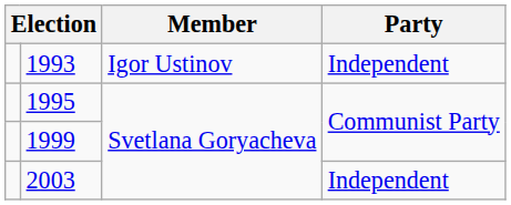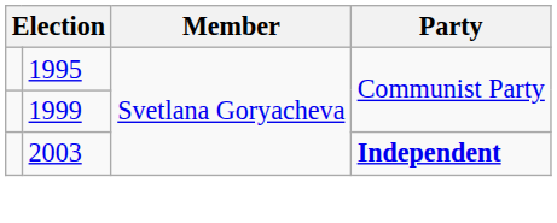 <table class="wikitable">
 <tr>
 <th colspan="2">Election</th>
 <th>Member</th>
 <th>Party</th>
-</tr>
-<tr>
-<td style="background-color:"></td>
-<td><a href='#'>1993</a></td>
-<td><a href='#'>Igor Ustinov</a></td>
-<td><a href='#'>Independent</a></td>
 </tr>
 <tr>
 <td style="background-color:"></td>
 <td><a href='#'>1995</a></td>
 <td rowspan=3><a href='#'>Svetlana Goryacheva</a></td>
 <td rowspan=2><a href='#'>Communist Party</a></td>
 </tr>
 <tr>
 <td style="background-color:"></td>
 <td><a href='#'>1999</a></td>
 </tr>
 <tr>
 <td style="background-color:"></td>
 <td><a href='#'>2003</a></td>
-<td><a href='#'>Independent</a></td>
+<td><strong><a href='#'>Independent</a></strong></td>
 </tr>
 </table>
